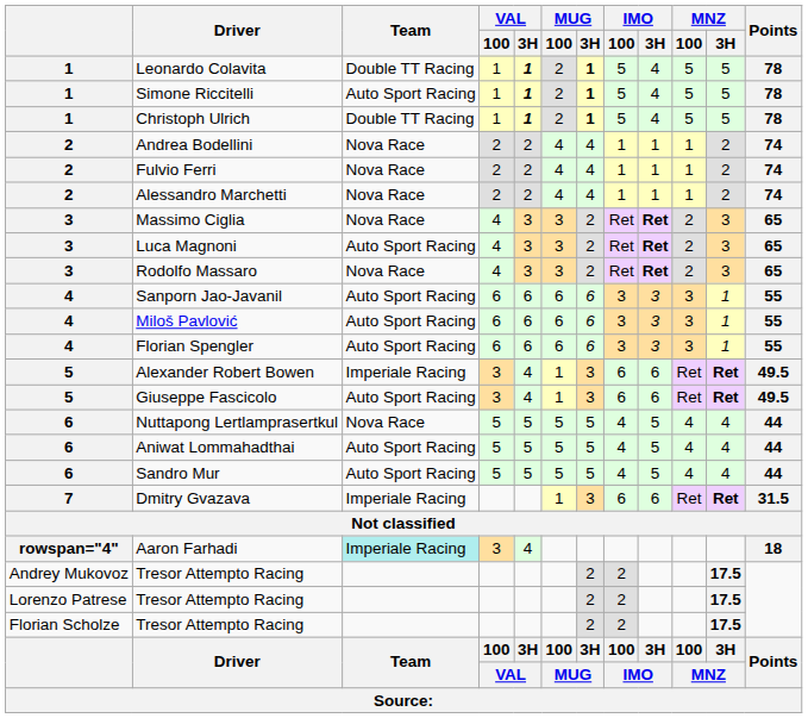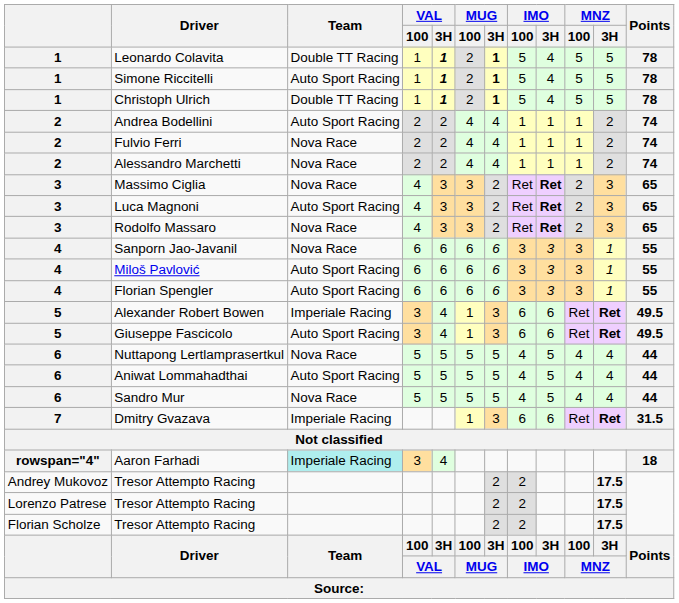 <table class="wikitable" style="font-size:85%; vertical-align:top; text-align:center">
 <tr>
 <th rowspan="2"></th>
 <th rowspan="2">Driver</th>
 <th rowspan="2">Team</th>
 <th colspan="2"><a href='#'>VAL</a><br></th>
 <th colspan="2"><a href='#'>MUG</a><br></th>
 <th colspan="2"><a href='#'>IMO</a><br></th>
 <th colspan="2"><a href='#'>MNZ</a><br></th>
 <th rowspan="2">Points</th>
 </tr>
 <tr>
 <th>100</th>
 <th>3H</th>
 <th>100</th>
 <th>3H</th>
 <th>100</th>
 <th>3H</th>
 <th>100</th>
 <th>3H</th>
 </tr>
 <tr>
 <th>1</th>
 <td style="text-align:left"> Leonardo Colavita</td>
 <td style="text-align:left"> Double TT Racing</td>
 <td style="background:#FFFFBF">1</td>
 <td style="background:#FFFFBF"><strong><em>1</em></strong></td>
 <td style="background:#DFDFDF">2</td>
 <td style="background:#FFFFBF"><strong>1</strong></td>
 <td style="background:#DFFFDF">5</td>
 <td style="background:#DFFFDF">4</td>
 <td style="background:#DFFFDF">5</td>
 <td style="background:#DFFFDF">5</td>
 <th>78</th>
 </tr>
 <tr>
 <th>1</th>
 <td style="text-align:left"> Simone Riccitelli</td>
 <td style="text-align:left"> Auto Sport Racing</td>
 <td style="background:#FFFFBF">1</td>
 <td style="background:#FFFFBF"><strong><em>1</em></strong></td>
 <td style="background:#DFDFDF">2</td>
 <td style="background:#FFFFBF"><strong>1</strong></td>
 <td style="background:#DFFFDF">5</td>
 <td style="background:#DFFFDF">4</td>
 <td style="background:#DFFFDF">5</td>
 <td style="background:#DFFFDF">5</td>
 <th>78</th>
 </tr>
 <tr>
 <th>1</th>
 <td style="text-align:left"> Christoph Ulrich</td>
 <td style="text-align:left"> Double TT Racing</td>
 <td style="background:#FFFFBF">1</td>
 <td style="background:#FFFFBF"><strong><em>1</em></strong></td>
 <td style="background:#DFDFDF">2</td>
 <td style="background:#FFFFBF"><strong>1</strong></td>
 <td style="background:#DFFFDF">5</td>
 <td style="background:#DFFFDF">4</td>
 <td style="background:#DFFFDF">5</td>
 <td style="background:#DFFFDF">5</td>
 <th>78</th>
 </tr>
 <tr>
 <th>2</th>
 <td style="text-align:left"> Andrea Bodellini</td>
-<td style="text-align:left"> Nova Race</td>
+<td style="text-align:left"> Auto Sport Racing</td>
 <td style="background:#DFDFDF">2</td>
 <td style="background:#DFDFDF">2</td>
 <td style="background:#DFFFDF">4</td>
 <td style="background:#DFFFDF">4</td>
 <td style="background:#FFFFBF">1</td>
 <td style="background:#FFFFBF">1</td>
 <td style="background:#FFFFBF">1</td>
 <td style="background:#DFDFDF">2</td>
 <th>74</th>
 </tr>
 <tr>
 <th>2</th>
 <td style="text-align:left"> Fulvio Ferri</td>
 <td style="text-align:left"> Nova Race</td>
 <td style="background:#DFDFDF">2</td>
 <td style="background:#DFDFDF">2</td>
 <td style="background:#DFFFDF">4</td>
 <td style="background:#DFFFDF">4</td>
 <td style="background:#FFFFBF">1</td>
 <td style="background:#FFFFBF">1</td>
 <td style="background:#FFFFBF">1</td>
 <td style="background:#DFDFDF">2</td>
 <th>74</th>
 </tr>
 <tr>
 <th>2</th>
 <td style="text-align:left"> Alessandro Marchetti</td>
 <td style="text-align:left"> Nova Race</td>
 <td style="background:#DFDFDF">2</td>
 <td style="background:#DFDFDF">2</td>
 <td style="background:#DFFFDF">4</td>
 <td style="background:#DFFFDF">4</td>
 <td style="background:#FFFFBF">1</td>
 <td style="background:#FFFFBF">1</td>
 <td style="background:#FFFFBF">1</td>
 <td style="background:#DFDFDF">2</td>
 <th>74</th>
 </tr>
 <tr>
 <th>3</th>
 <td style="text-align:left"> Massimo Ciglia</td>
 <td style="text-align:left"> Nova Race</td>
 <td style="background:#DFFFDF">4</td>
 <td style="background:#FFDF9F">3</td>
 <td style="background:#FFDF9F">3</td>
 <td style="background:#DFDFDF">2</td>
 <td style="background:#EFCFFF">Ret</td>
 <td style="background:#EFCFFF"><strong>Ret</strong></td>
 <td style="background:#DFDFDF">2</td>
 <td style="background:#FFDF9F">3</td>
 <th>65</th>
 </tr>
 <tr>
 <th>3</th>
 <td style="text-align:left"> Luca Magnoni</td>
 <td style="text-align:left"> Auto Sport Racing</td>
 <td style="background:#DFFFDF">4</td>
 <td style="background:#FFDF9F">3</td>
 <td style="background:#FFDF9F">3</td>
 <td style="background:#DFDFDF">2</td>
 <td style="background:#EFCFFF">Ret</td>
 <td style="background:#EFCFFF"><strong>Ret</strong></td>
 <td style="background:#DFDFDF">2</td>
 <td style="background:#FFDF9F">3</td>
 <th>65</th>
 </tr>
 <tr>
 <th>3</th>
 <td style="text-align:left"> Rodolfo Massaro</td>
 <td style="text-align:left"> Nova Race</td>
 <td style="background:#DFFFDF">4</td>
 <td style="background:#FFDF9F">3</td>
 <td style="background:#FFDF9F">3</td>
 <td style="background:#DFDFDF">2</td>
 <td style="background:#EFCFFF">Ret</td>
 <td style="background:#EFCFFF"><strong>Ret</strong></td>
 <td style="background:#DFDFDF">2</td>
 <td style="background:#FFDF9F">3</td>
 <th>65</th>
 </tr>
 <tr>
 <th>4</th>
 <td style="text-align:left"> Sanporn Jao-Javanil</td>
-<td style="text-align:left"> Auto Sport Racing</td>
+<td style="text-align:left"> Nova Race</td>
 <td style="background:#DFFFDF">6</td>
 <td style="background:#DFFFDF">6</td>
 <td style="background:#DFFFDF">6</td>
 <td style="background:#DFFFDF"><em>6</em></td>
 <td style="background:#FFDF9F">3</td>
 <td style="background:#FFDF9F"><em>3</em></td>
 <td style="background:#FFDF9F">3</td>
 <td style="background:#FFFFBF"><em>1</em></td>
 <th>55</th>
 </tr>
 <tr>
 <th>4</th>
 <td style="text-align:left"> <a href='#'>Miloš Pavlović</a></td>
 <td style="text-align:left"> Auto Sport Racing</td>
 <td style="background:#DFFFDF">6</td>
 <td style="background:#DFFFDF">6</td>
 <td style="background:#DFFFDF">6</td>
 <td style="background:#DFFFDF"><em>6</em></td>
 <td style="background:#FFDF9F">3</td>
 <td style="background:#FFDF9F"><em>3</em></td>
 <td style="background:#FFDF9F">3</td>
 <td style="background:#FFFFBF"><em>1</em></td>
 <th>55</th>
 </tr>
 <tr>
 <th>4</th>
 <td style="text-align:left"> Florian Spengler</td>
 <td style="text-align:left"> Auto Sport Racing</td>
 <td style="background:#DFFFDF">6</td>
 <td style="background:#DFFFDF">6</td>
 <td style="background:#DFFFDF">6</td>
 <td style="background:#DFFFDF"><em>6</em></td>
 <td style="background:#FFDF9F">3</td>
 <td style="background:#FFDF9F"><em>3</em></td>
 <td style="background:#FFDF9F">3</td>
 <td style="background:#FFFFBF"><em>1</em></td>
 <th>55</th>
 </tr>
 <tr>
 <th>5</th>
 <td style="text-align:left"> Alexander Robert Bowen</td>
 <td style="text-align:left"> Imperiale Racing</td>
 <td style="background:#FFDF9F">3</td>
 <td style="background:#DFFFDF">4</td>
 <td style="background:#FFFFBF">1</td>
 <td style="background:#FFDF9F">3</td>
 <td style="background:#DFFFDF">6</td>
 <td style="background:#DFFFDF">6</td>
 <td style="background:#EFCFFF">Ret</td>
 <td style="background:#EFCFFF"><strong>Ret</strong></td>
 <th>49.5</th>
 </tr>
 <tr>
 <th>5</th>
 <td style="text-align:left"> Giuseppe Fascicolo</td>
 <td style="text-align:left"> Auto Sport Racing</td>
 <td style="background:#FFDF9F">3</td>
 <td style="background:#DFFFDF">4</td>
 <td style="background:#FFFFBF">1</td>
 <td style="background:#FFDF9F">3</td>
 <td style="background:#DFFFDF">6</td>
 <td style="background:#DFFFDF">6</td>
 <td style="background:#EFCFFF">Ret</td>
 <td style="background:#EFCFFF"><strong>Ret</strong></td>
 <th>49.5</th>
 </tr>
 <tr>
 <th>6</th>
 <td style="text-align:left"> Nuttapong Lertlamprasertkul</td>
 <td style="text-align:left"> Nova Race</td>
 <td style="background:#DFFFDF">5</td>
 <td style="background:#DFFFDF">5</td>
 <td style="background:#DFFFDF">5</td>
 <td style="background:#DFFFDF">5</td>
 <td style="background:#DFFFDF">4</td>
 <td style="background:#DFFFDF">5</td>
 <td style="background:#DFFFDF">4</td>
 <td style="background:#DFFFDF">4</td>
 <th>44</th>
 </tr>
 <tr>
 <th>6</th>
 <td style="text-align:left"> Aniwat Lommahadthai</td>
 <td style="text-align:left"> Auto Sport Racing</td>
 <td style="background:#DFFFDF">5</td>
 <td style="background:#DFFFDF">5</td>
 <td style="background:#DFFFDF">5</td>
 <td style="background:#DFFFDF">5</td>
 <td style="background:#DFFFDF">4</td>
 <td style="background:#DFFFDF">5</td>
 <td style="background:#DFFFDF">4</td>
 <td style="background:#DFFFDF">4</td>
 <th>44</th>
 </tr>
 <tr>
 <th>6</th>
 <td style="text-align:left"> Sandro Mur</td>
-<td style="text-align:left"> Auto Sport Racing</td>
+<td style="text-align:left"> Nova Race</td>
 <td style="background:#DFFFDF">5</td>
 <td style="background:#DFFFDF">5</td>
 <td style="background:#DFFFDF">5</td>
 <td style="background:#DFFFDF">5</td>
 <td style="background:#DFFFDF">4</td>
 <td style="background:#DFFFDF">5</td>
 <td style="background:#DFFFDF">4</td>
 <td style="background:#DFFFDF">4</td>
 <th>44</th>
 </tr>
 <tr>
 <th>7</th>
 <td style="text-align:left"> Dmitry Gvazava</td>
 <td style="text-align:left"> Imperiale Racing</td>
 <td style="background:#"></td>
 <td style="background:#"></td>
 <td style="background:#FFFFBF">1</td>
 <td style="background:#FFDF9F">3</td>
 <td style="background:#DFFFDF">6</td>
 <td style="background:#DFFFDF">6</td>
 <td style="background:#EFCFFF">Ret</td>
 <td style="background:#EFCFFF"><strong>Ret</strong></td>
 <th>31.5</th>
 </tr>
 <tr>
 <th colspan="12">Not classified</th>
 </tr>
 <tr>
 <th>rowspan="4" </th>
 <td style="text-align:left"> Aaron Farhadi</td>
 <td style="background: paleturquoise; text-align:left"> Imperiale Racing</td>
 <td style="background:#FFDF9F">3</td>
 <td style="background:#DFFFDF">4</td>
 <td style="background:#"></td>
 <td style="background:#"></td>
 <td style="background:#"></td>
 <td style="background:#"></td>
 <td style="background:#"></td>
 <td style="background:#"></td>
 <th>18</th>
 </tr>
 <tr>
 <td style="text-align:left"> Andrey Mukovoz</td>
 <td style="text-align:left"> Tresor Attempto Racing</td>
 <td style="background:#"></td>
 <td style="background:#"></td>
 <td style="background:#"></td>
 <td style="background:#"></td>
 <td style="background:#DFDFDF">2</td>
 <td style="background:#DFDFDF">2</td>
 <td style="background:#"></td>
 <td style="background:#"></td>
 <th>17.5</th>
 </tr>
 <tr>
 <td style="text-align:left"> Lorenzo Patrese</td>
 <td style="text-align:left"> Tresor Attempto Racing</td>
 <td style="background:#"></td>
 <td style="background:#"></td>
 <td style="background:#"></td>
 <td style="background:#"></td>
 <td style="background:#DFDFDF">2</td>
 <td style="background:#DFDFDF">2</td>
 <td style="background:#"></td>
 <td style="background:#"></td>
 <th>17.5</th>
 </tr>
 <tr>
 <td style="text-align:left"> Florian Scholze</td>
 <td style="text-align:left"> Tresor Attempto Racing</td>
 <td style="background:#"></td>
 <td style="background:#"></td>
 <td style="background:#"></td>
 <td style="background:#"></td>
 <td style="background:#DFDFDF">2</td>
 <td style="background:#DFDFDF">2</td>
 <td style="background:#"></td>
 <td style="background:#"></td>
 <th>17.5</th>
 </tr>
 <tr>
 <th rowspan="2"></th>
 <th rowspan="2">Driver</th>
 <th rowspan="2">Team</th>
 <th>100</th>
 <th>3H</th>
 <th>100</th>
 <th>3H</th>
 <th>100</th>
 <th>3H</th>
 <th>100</th>
 <th>3H</th>
 <th rowspan="2">Points</th>
 </tr>
 <tr>
 <th colspan="2"><a href='#'>VAL</a><br></th>
 <th colspan="2"><a href='#'>MUG</a><br></th>
 <th colspan="2"><a href='#'>IMO</a><br></th>
 <th colspan="2"><a href='#'>MNZ</a><br></th>
 </tr>
 <tr>
 <th colspan="12">Source:</th>
 </tr>
 </table>
